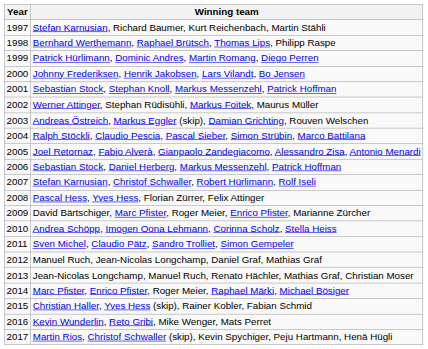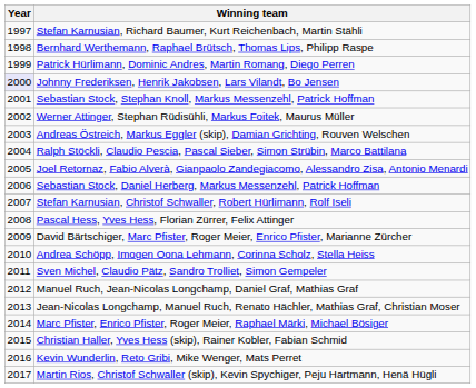 <table class="wikitable">
 <tr>
 <th scope="col">Year</th>
 <th scope="col">Winning team</th>
 </tr>
 <tr>
 <td>1997</td>
 <td> <a href='#'>Stefan Karnusian</a>, Richard Baumer, Kurt Reichenbach, Martin Stähli</td>
 </tr>
 <tr>
 <td>1998</td>
 <td> <a href='#'>Bernhard Werthemann</a>, <a href='#'>Raphael Brütsch</a>, <a href='#'>Thomas Lips</a>, Philipp Raspe</td>
 </tr>
 <tr>
 <td>1999</td>
 <td> <a href='#'>Patrick Hürlimann</a>, <a href='#'>Dominic Andres</a>, <a href='#'>Martin Romang</a>, <a href='#'>Diego Perren</a></td>
 </tr>
 <tr>
-<td>2000</td>
+<td style="background: lavender;">2000</td>
 <td> <a href='#'>Johnny Frederiksen</a>, <a href='#'>Henrik Jakobsen</a>, <a href='#'>Lars Vilandt</a>, <a href='#'>Bo Jensen</a></td>
 </tr>
 <tr>
 <td>2001</td>
 <td> <a href='#'>Sebastian Stock</a>, <a href='#'>Stephan Knoll</a>, <a href='#'>Markus Messenzehl</a>, <a href='#'>Patrick Hoffman</a></td>
 </tr>
 <tr>
 <td>2002</td>
 <td> <a href='#'>Werner Attinger</a>, Stephan Rüdisühli, <a href='#'>Markus Foitek</a>, Maurus Müller</td>
 </tr>
 <tr>
 <td>2003</td>
 <td> <a href='#'>Andreas Östreich</a>, <a href='#'>Markus Eggler</a> (skip), <a href='#'>Damian Grichting</a>, Rouven Welschen</td>
 </tr>
 <tr>
 <td>2004</td>
 <td> <a href='#'>Ralph Stöckli</a>, <a href='#'>Claudio Pescia</a>, <a href='#'>Pascal Sieber</a>, <a href='#'>Simon Strübin</a>, <a href='#'>Marco Battilana</a></td>
 </tr>
 <tr>
 <td>2005</td>
 <td> <a href='#'>Joel Retornaz</a>, <a href='#'>Fabio Alverà</a>, <a href='#'>Gianpaolo Zandegiacomo</a>, <a href='#'>Alessandro Zisa</a>, <a href='#'>Antonio Menardi</a></td>
 </tr>
 <tr>
 <td>2006</td>
 <td> <a href='#'>Sebastian Stock</a>, <a href='#'>Daniel Herberg</a>, <a href='#'>Markus Messenzehl</a>, <a href='#'>Patrick Hoffman</a></td>
 </tr>
 <tr>
 <td>2007</td>
 <td> <a href='#'>Stefan Karnusian</a>, <a href='#'>Christof Schwaller</a>, <a href='#'>Robert Hürlimann</a>, <a href='#'>Rolf Iseli</a></td>
 </tr>
 <tr>
 <td>2008</td>
 <td> <a href='#'>Pascal Hess</a>, <a href='#'>Yves Hess</a>, Florian Zürrer, Felix Attinger</td>
 </tr>
 <tr>
 <td>2009</td>
 <td> David Bärtschiger, <a href='#'>Marc Pfister</a>, Roger Meier, <a href='#'>Enrico Pfister</a>, Marianne Zürcher</td>
 </tr>
 <tr>
 <td>2010</td>
 <td> <a href='#'>Andrea Schöpp</a>, <a href='#'>Imogen Oona Lehmann</a>, <a href='#'>Corinna Scholz</a>, <a href='#'>Stella Heiss</a></td>
 </tr>
 <tr>
 <td>2011</td>
 <td> <a href='#'>Sven Michel</a>, <a href='#'>Claudio Pätz</a>, <a href='#'>Sandro Trolliet</a>, <a href='#'>Simon Gempeler</a></td>
 </tr>
 <tr>
 <td>2012</td>
 <td> Manuel Ruch, Jean-Nicolas Longchamp, Daniel Graf, Mathias Graf</td>
 </tr>
 <tr>
 <td>2013</td>
 <td> Jean-Nicolas Longchamp, Manuel Ruch, Renato Hächler, Mathias Graf, Christian Moser</td>
 </tr>
 <tr>
 <td>2014</td>
 <td> <a href='#'>Marc Pfister</a>, <a href='#'>Enrico Pfister</a>, Roger Meier, <a href='#'>Raphael Märki</a>, <a href='#'>Michael Bösiger</a></td>
 </tr>
 <tr>
 <td>2015</td>
 <td> <a href='#'>Christian Haller</a>, <a href='#'>Yves Hess</a> (skip), Rainer Kobler, Fabian Schmid</td>
 </tr>
 <tr>
 <td>2016</td>
 <td> <a href='#'>Kevin Wunderlin</a>, <a href='#'>Reto Gribi</a>, Mike Wenger, Mats Perret</td>
 </tr>
 <tr>
 <td>2017</td>
 <td> <a href='#'>Martin Rios</a>, <a href='#'>Christof Schwaller</a> (skip), Kevin Spychiger, Peju Hartmann, Henä Hügli</td>
 </tr>
 </table>
